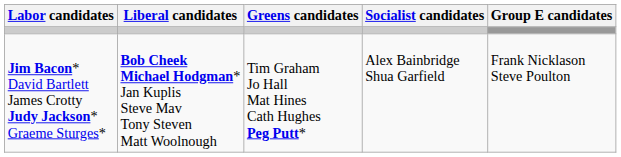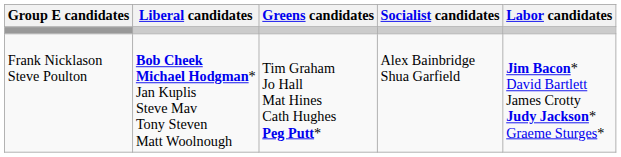 <table class="wikitable">
 <tr>
-<th><a href='#'>Labor</a> candidates</th>
+<th>Group E candidates</th>
 <th><a href='#'>Liberal</a> candidates</th>
 <th><a href='#'>Greens</a> candidates</th>
 <th><a href='#'>Socialist</a> candidates</th>
-<th>Group E candidates</th>
+<th><a href='#'>Labor</a> candidates</th>
 </tr>
 <tr bgcolor="#cccccc">
+<td bgcolor="#999999"></td>
 <td></td>
 <td></td>
 <td></td>
 <td></td>
-<td bgcolor="#999999"></td>
 </tr>
 <tr>
-<td><br><strong><a href='#'>Jim Bacon</a></strong>*<br> <a href='#'>David Bartlett</a><br> James Crotty<br> <strong><a href='#'>Judy Jackson</a></strong>*<br> <a href='#'>Graeme Sturges</a>*</td>
+<td valign=top><br>Frank Nicklason<br> Steve Poulton</td>
 <td><br><strong><a href='#'>Bob Cheek</a></strong><br> <strong><a href='#'>Michael Hodgman</a></strong>*<br> Jan Kuplis<br> Steve Mav<br> Tony Steven<br> Matt Woolnough</td>
 <td><br>Tim Graham<br> Jo Hall<br> Mat Hines<br> Cath Hughes<br> <strong><a href='#'>Peg Putt</a></strong>*</td>
 <td valign=top><br>Alex Bainbridge<br> Shua Garfield</td>
-<td valign=top><br>Frank Nicklason<br> Steve Poulton</td>
+<td><br><strong><a href='#'>Jim Bacon</a></strong>*<br> <a href='#'>David Bartlett</a><br> James Crotty<br> <strong><a href='#'>Judy Jackson</a></strong>*<br> <a href='#'>Graeme Sturges</a>*</td>
 </tr>
 </table>
